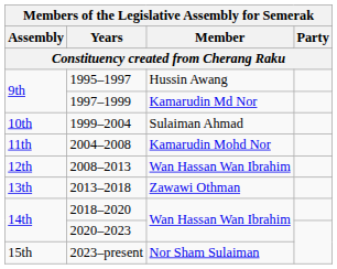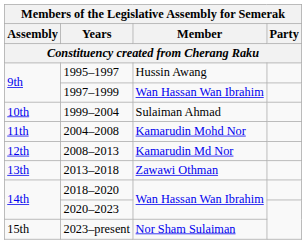 <table class=wikitable>
 <tr>
 <th colspan=4>Members of the Legislative Assembly for Semerak</th>
 </tr>
 <tr>
 <th>Assembly</th>
 <th>Years</th>
 <th>Member</th>
 <th>Party</th>
 </tr>
 <tr>
 <th colspan=4 align=center><em>Constituency created from Cherang Raku</em></th>
 </tr>
 <tr>
 <td rowspan=2><a href='#'>9th</a></td>
 <td>1995–1997</td>
 <td>Hussin Awang</td>
 <td></td>
 </tr>
 <tr>
 <td>1997–1999</td>
-<td><a href='#'>Kamarudin Md Nor</a></td>
+<td><a href='#'>Wan Hassan Wan Ibrahim</a></td>
 <td></td>
 </tr>
 <tr>
 <td><a href='#'>10th</a></td>
 <td>1999–2004</td>
 <td>Sulaiman Ahmad</td>
 <td></td>
 </tr>
 <tr>
 <td><a href='#'>11th</a></td>
 <td>2004–2008</td>
 <td><a href='#'>Kamarudin Mohd Nor</a></td>
 <td></td>
 </tr>
 <tr>
 <td><a href='#'>12th</a></td>
 <td>2008–2013</td>
-<td><a href='#'>Wan Hassan Wan Ibrahim</a></td>
+<td><a href='#'>Kamarudin Md Nor</a></td>
 <td></td>
 </tr>
 <tr>
 <td><a href='#'>13th</a></td>
 <td>2013–2018</td>
 <td><a href='#'>Zawawi Othman</a></td>
 <td></td>
 </tr>
 <tr>
 <td rowspan="2"><a href='#'>14th</a></td>
 <td>2018–2020</td>
 <td rowspan="2"><a href='#'>Wan Hassan Wan Ibrahim</a></td>
 <td></td>
 </tr>
 <tr>
 <td>2020–2023</td>
 <td rowspan=2></td>
 </tr>
 <tr>
 <td>15th</td>
 <td>2023–present</td>
 <td><a href='#'>Nor Sham Sulaiman</a></td>
 </tr>
 </table>
